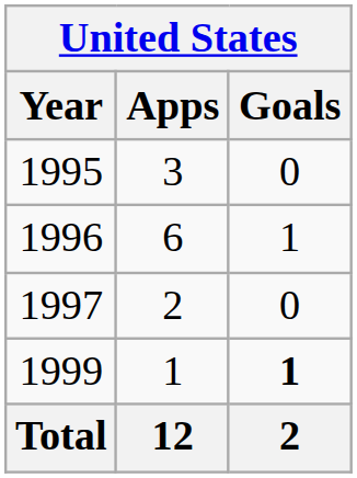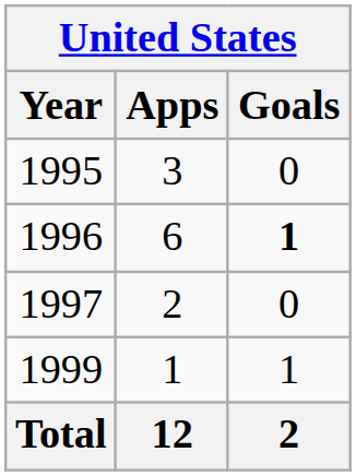 <table class="wikitable" style="text-align:center">
 <tr>
 <th colspan=3><a href='#'>United States</a></th>
 </tr>
 <tr>
 <th>Year</th>
 <th>Apps</th>
 <th>Goals</th>
 </tr>
 <tr>
 <td>1995</td>
 <td>3</td>
 <td>0</td>
 </tr>
 <tr>
 <td>1996</td>
 <td>6</td>
-<td>1</td>
+<td><strong>1</strong></td>
 </tr>
 <tr>
 <td>1997</td>
 <td>2</td>
 <td>0</td>
 </tr>
 <tr>
 <td>1999</td>
 <td>1</td>
-<td><strong>1</strong></td>
+<td>1</td>
 </tr>
 <tr>
 <th>Total</th>
 <th>12</th>
 <th>2</th>
 </tr>
 </table>
